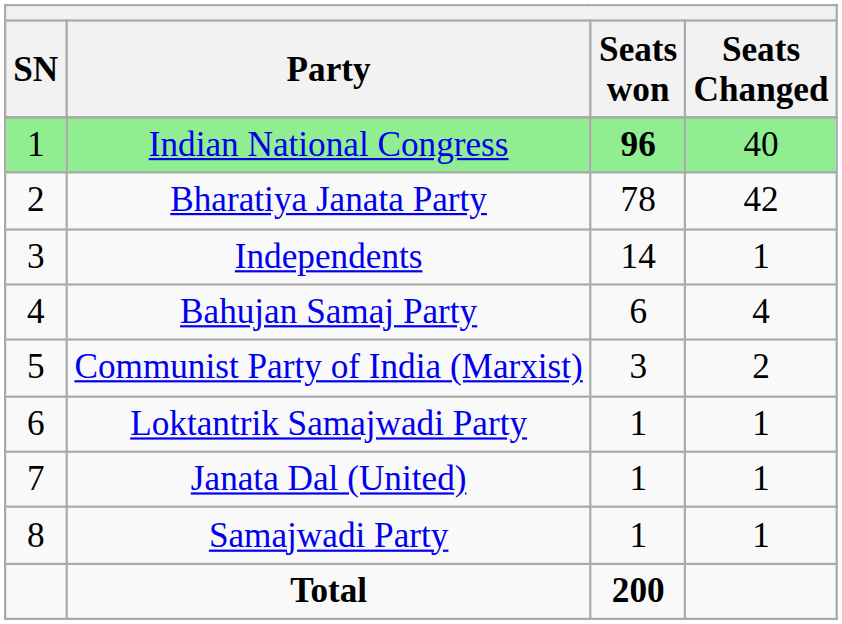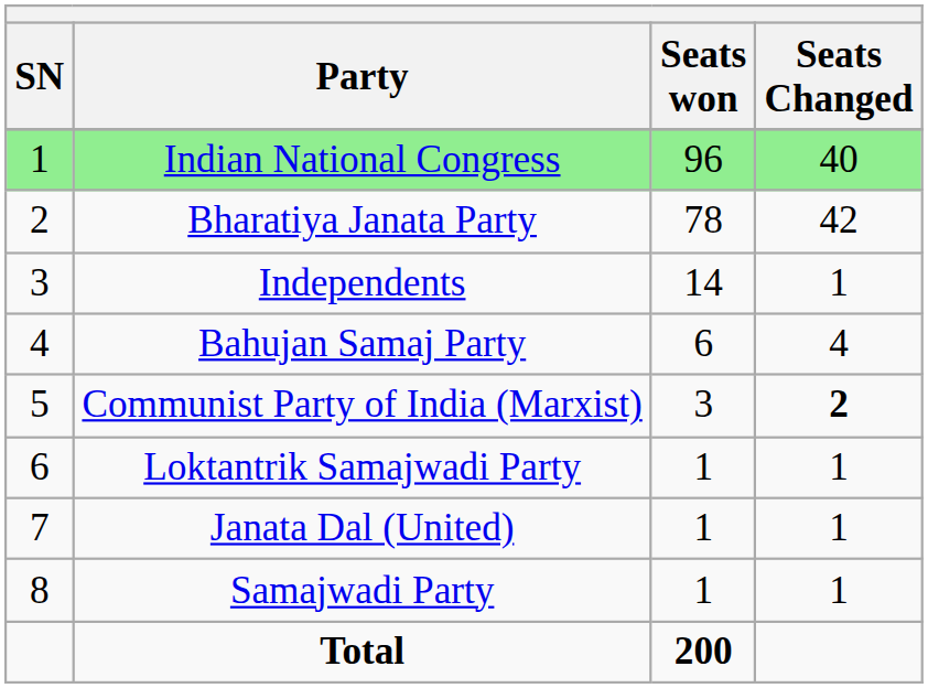 <table class="wikitable sortable" style="text-align:center;">
 <tr>
 <th colspan=10></th>
 </tr>
 <tr bgcolor="#cccccc">
 <th>SN</th>
 <th>Party</th>
 <th>Seats<br>won</th>
 <th>Seats<br> Changed</th>
 </tr>
 <tr>
 </tr>
 <tr style="background: #90EE90;">
 <td>1</td>
 <td><a href='#'>Indian National Congress</a></td>
-<td><strong>96</strong></td>
+<td>96</td>
 <td>40</td>
 </tr>
 <tr>
 <td>2</td>
 <td><a href='#'>Bharatiya Janata Party</a></td>
 <td>78</td>
 <td>42</td>
 </tr>
 <tr>
 <td>3</td>
 <td><a href='#'>Independents</a></td>
 <td>14</td>
 <td>1</td>
 </tr>
 <tr>
 <td>4</td>
 <td><a href='#'>Bahujan Samaj Party</a></td>
 <td>6</td>
 <td>4</td>
 </tr>
 <tr>
 <td>5</td>
 <td><a href='#'>Communist Party of India (Marxist)</a></td>
 <td>3</td>
-<td>2</td>
+<td><strong>2</strong></td>
 </tr>
 <tr>
 <td>6</td>
 <td><a href='#'>Loktantrik Samajwadi Party</a></td>
 <td>1</td>
 <td>1</td>
 </tr>
 <tr>
 <td>7</td>
 <td><a href='#'>Janata Dal (United)</a></td>
 <td>1</td>
 <td>1</td>
 </tr>
 <tr>
 <td>8</td>
 <td><a href='#'>Samajwadi Party</a></td>
 <td>1</td>
 <td>1</td>
 </tr>
 <tr>
 <td></td>
 <td><strong>Total</strong></td>
 <td><strong>200</strong></td>
 <td></td>
 </tr>
 </table>
